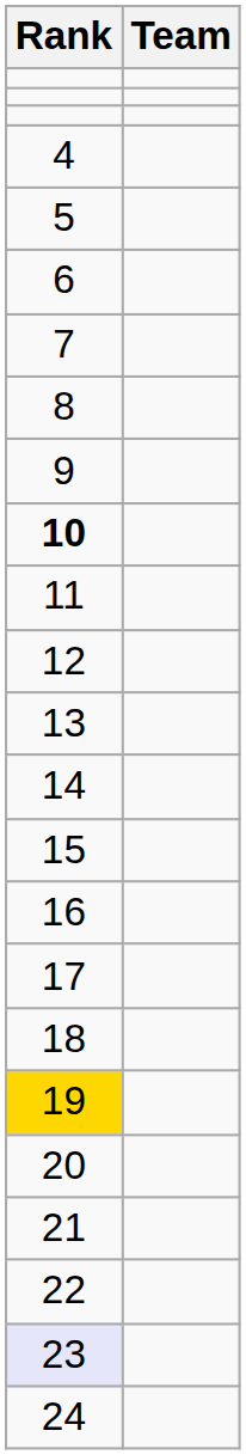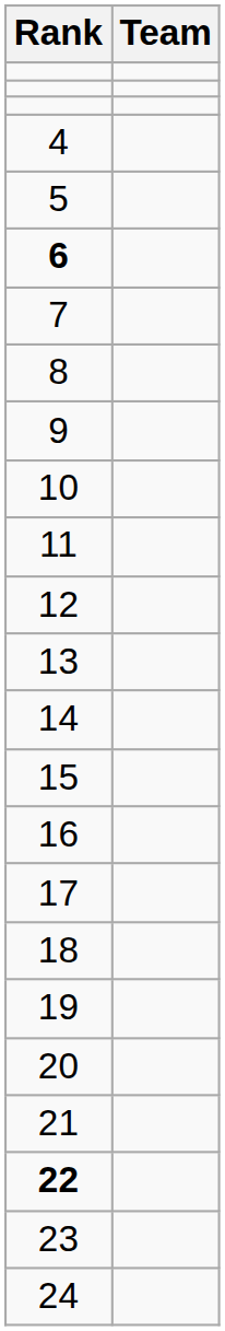 <table class=wikitable style="text-align:center;">
 <tr>
 <th>Rank</th>
 <th>Team</th>
 </tr>
 <tr>
 <td></td>
 <td align=left></td>
 </tr>
 <tr Denmark>
 <td></td>
 <td align=left></td>
 </tr>
 <tr>
 <td></td>
 <td align=left></td>
 </tr>
 <tr>
 <td>4</td>
 <td align=left></td>
 </tr>
 <tr>
 <td>5</td>
 <td align=left></td>
 </tr>
 <tr>
-<td>6</td>
+<td><strong>6</strong></td>
 <td align=left></td>
 </tr>
 <tr>
 <td>7</td>
 <td align=left></td>
 </tr>
 <tr>
 <td>8</td>
 <td align=left></td>
 </tr>
 <tr>
 <td>9</td>
 <td align=left></td>
 </tr>
 <tr>
-<td><strong>10</strong></td>
+<td>10</td>
 <td align=left></td>
 </tr>
 <tr>
 <td>11</td>
 <td align=left></td>
 </tr>
 <tr>
 <td>12</td>
 <td align=left></td>
 </tr>
 <tr>
 <td>13</td>
 <td align=left></td>
 </tr>
 <tr>
 <td>14</td>
 <td align=left></td>
 </tr>
 <tr>
 <td>15</td>
 <td align=left></td>
 </tr>
 <tr>
 <td>16</td>
 <td align=left></td>
 </tr>
 <tr>
 <td>17</td>
 <td align=left></td>
 </tr>
 <tr>
 <td>18</td>
 <td align=left></td>
 </tr>
 <tr>
-<td style="background: gold;">19</td>
+<td>19</td>
 <td align=left></td>
 </tr>
 <tr>
 <td>20</td>
 <td align=left></td>
 </tr>
 <tr>
 <td>21</td>
 <td align=left></td>
 </tr>
 <tr>
-<td>22</td>
+<td><strong>22</strong></td>
 <td align=left></td>
 </tr>
 <tr>
-<td style="background: lavender;">23</td>
+<td>23</td>
 <td align=left></td>
 </tr>
 <tr>
 <td>24</td>
 <td align=left></td>
 </tr>
 </table>
